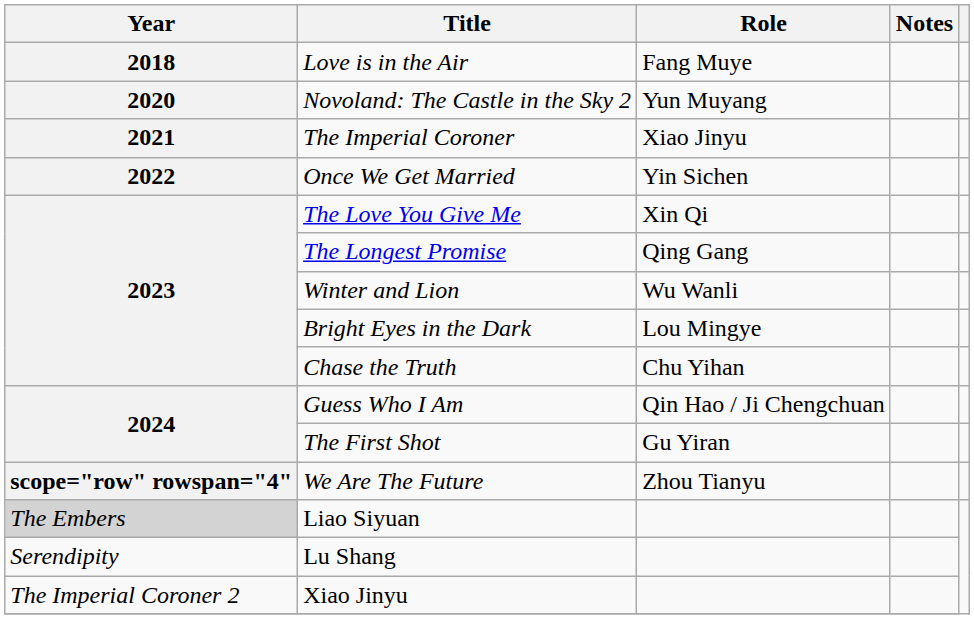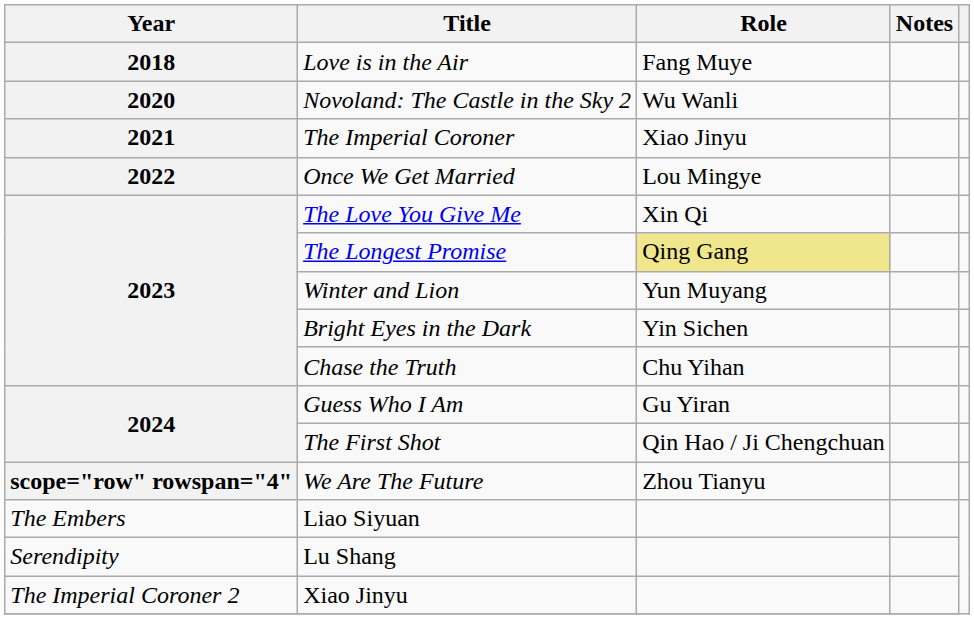 <table class="wikitable sortable plainrowheaders">
 <tr>
 <th scope="col">Year</th>
 <th scope="col">Title</th>
 <th scope="col">Role</th>
 <th scope="col">Notes</th>
 <th scope="col" class="unsortable"></th>
 </tr>
 <tr>
 <th scope="row">2018</th>
 <td><em>Love is in the Air</em></td>
 <td>Fang Muye</td>
 <td></td>
 <td style="text-align:center"></td>
 </tr>
 <tr>
 <th scope="row">2020</th>
 <td><em>Novoland: The Castle in the Sky 2</em></td>
-<td>Yun Muyang</td>
+<td>Wu Wanli</td>
 <td></td>
 <td style="text-align:center"></td>
 </tr>
 <tr>
 <th scope="row">2021</th>
 <td><em>The Imperial Coroner</em></td>
 <td>Xiao Jinyu</td>
 <td></td>
 <td style="text-align:center"></td>
 </tr>
 <tr>
 <th scope="row">2022</th>
 <td><em>Once We Get Married</em></td>
-<td>Yin Sichen</td>
+<td>Lou Mingye</td>
 <td></td>
 <td style="text-align:center"></td>
 </tr>
 <tr>
 <th scope="row" rowspan="5">2023</th>
 <td><em><a href='#'>The Love You Give Me</a></em></td>
 <td>Xin Qi</td>
 <td></td>
 <td style="text-align:center"></td>
 </tr>
 <tr>
 <td><em><a href='#'>The Longest Promise</a></em></td>
-<td>Qing Gang</td>
+<td style="background: khaki;">Qing Gang</td>
 <td></td>
 <td style="text-align:center"></td>
 </tr>
 <tr>
 <td><em>Winter and Lion</em></td>
-<td>Wu Wanli</td>
+<td>Yun Muyang</td>
 <td></td>
 <td style="text-align:center"></td>
 </tr>
 <tr>
 <td><em>Bright Eyes in the Dark</em></td>
-<td>Lou Mingye</td>
+<td>Yin Sichen</td>
 <td></td>
 <td style="text-align:center"></td>
 </tr>
 <tr>
 <td><em>Chase the Truth</em></td>
 <td>Chu Yihan</td>
 <td></td>
 <td style="text-align:center"></td>
 </tr>
 <tr>
 <th scope="row" rowspan="2">2024</th>
 <td><em>Guess Who I Am</em></td>
-<td>Qin Hao / Ji Chengchuan</td>
+<td>Gu Yiran</td>
 <td></td>
 <td style="text-align:center"></td>
 </tr>
 <tr>
 <td><em>The First Shot</em></td>
-<td>Gu Yiran</td>
+<td>Qin Hao / Ji Chengchuan</td>
 <td></td>
 <td style="text-align:center"></td>
 </tr>
 <tr>
 <th>scope="row" rowspan="4" </th>
 <td><em>We Are The Future</em></td>
 <td>Zhou Tianyu</td>
 <td></td>
 <td style="text-align:center"></td>
 </tr>
 <tr>
-<td style="background: lightgrey;"><em>The Embers</em></td>
+<td><em>The Embers</em></td>
 <td>Liao Siyuan</td>
 <td></td>
 <td style="text-align:center"></td>
 </tr>
 <tr>
 <td><em>Serendipity</em></td>
 <td>Lu Shang</td>
 <td></td>
 <td style="text-align:center"></td>
 </tr>
 <tr>
 <td><em>The Imperial Coroner 2</em></td>
 <td>Xiao Jinyu</td>
 <td></td>
 <td style="text-align:center"></td>
 </tr>
 <tr>
 </tr>
 </table>
